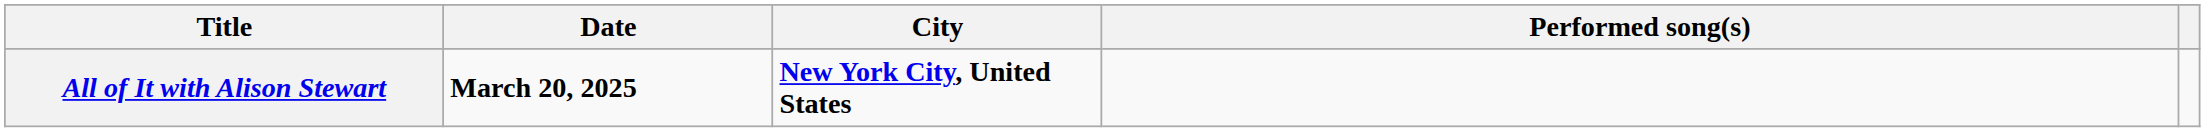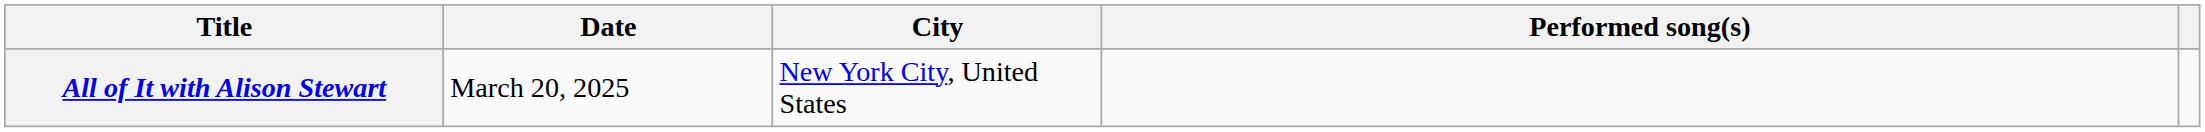 <table class="wikitable sortable plainrowheaders">
 <tr>
 <th style="width:20%">Title</th>
 <th style="width:15%">Date</th>
 <th style="width:15%">City</th>
 <th>Performed song(s)</th>
 <th style="width:1%" class="unsortable"></th>
 </tr>
 <tr>
 <th scope="row"><em><a href='#'>All of It with Alison Stewart</a></em></th>
-<td><strong>March 20, 2025</strong></td>
-<td><strong><a href='#'>New York City</a>, United States</strong></td>
+<td>March 20, 2025</td>
+<td><a href='#'>New York City</a>, United States</td>
 <td></td>
 <td style="text-align:center"></td>
 </tr>
 </table>
